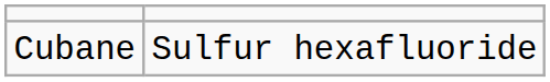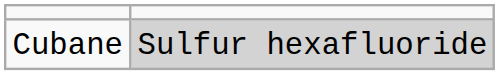 <table class=wikitable align=center>
 <tr>
 <td></td>
 <td></td>
 </tr>
 <tr align=center>
 <td>Cubane</td>
-<td>Sulfur hexafluoride</td>
+<td style="background: lightgrey;">Sulfur hexafluoride</td>
 </tr>
 </table>
